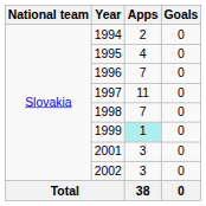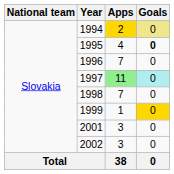 <table class="wikitable" style="text-align:center">
 <tr>
 <th>National team</th>
 <th>Year</th>
 <th>Apps</th>
 <th>Goals</th>
 </tr>
 <tr>
 <td rowspan="8"><a href='#'>Slovakia</a></td>
 <td>1994</td>
-<td>2</td>
-<td>0</td>
+<td style="background: gold;">2</td>
+<td style="background: khaki;">0</td>
 </tr>
 <tr>
 <td>1995</td>
 <td>4</td>
-<td>0</td>
+<td><strong>0</strong></td>
 </tr>
 <tr>
 <td>1996</td>
 <td>7</td>
 <td>0</td>
 </tr>
 <tr>
 <td>1997</td>
-<td>11</td>
-<td>0</td>
+<td style="background: lightgreen;">11</td>
+<td style="background: paleturquoise;">0</td>
 </tr>
 <tr>
 <td>1998</td>
 <td>7</td>
 <td>0</td>
 </tr>
 <tr>
 <td>1999</td>
-<td style="background: paleturquoise;">1</td>
-<td>0</td>
+<td>1</td>
+<td style="background: gold;">0</td>
 </tr>
 <tr>
 <td>2001</td>
 <td>3</td>
 <td>0</td>
 </tr>
 <tr>
 <td>2002</td>
 <td>3</td>
 <td>0</td>
 </tr>
 <tr>
 <th colspan="2">Total</th>
 <th>38</th>
 <th>0</th>
 </tr>
 </table>
